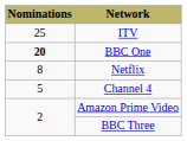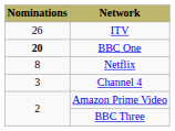 <table class="wikitable" style="text-align:center;">
 <tr>
 <th style="background:#BDB76B;">Nominations</th>
 <th style="background:#BDB76B;">Network</th>
 </tr>
 <tr>
-<td>25</td>
+<td>26</td>
 <td><a href='#'>ITV</a></td>
 </tr>
 <tr>
 <td><strong>20</strong></td>
 <td><a href='#'>BBC One</a></td>
 </tr>
 <tr>
 <td>8</td>
 <td><a href='#'>Netflix</a></td>
 </tr>
 <tr>
-<td>5</td>
+<td>3</td>
 <td><a href='#'>Channel 4</a></td>
 </tr>
 <tr>
 <td rowspan="2">2</td>
 <td><a href='#'>Amazon Prime Video</a></td>
 </tr>
 <tr>
 <td><a href='#'>BBC Three</a></td>
 </tr>
 </table>
